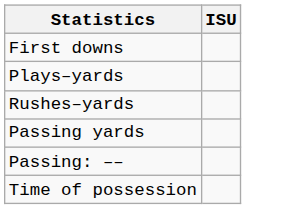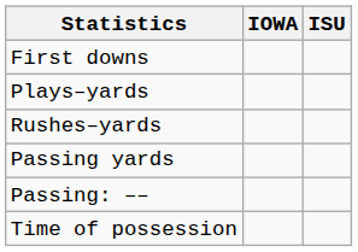 <table class="wikitable" style="float:left">
 <tr>
 <th>Statistics</th>
+<th>IOWA</th>
 <th>ISU</th>
 </tr>
 <tr>
 <td>First downs</td>
 <td></td>
+<td></td>
 </tr>
 <tr>
 <td>Plays–yards</td>
+<td></td>
 <td></td>
 </tr>
 <tr>
 <td>Rushes–yards</td>
 <td></td>
+<td></td>
 </tr>
 <tr>
 <td>Passing yards</td>
+<td></td>
 <td></td>
 </tr>
 <tr>
 <td>Passing: ––</td>
 <td></td>
+<td></td>
 </tr>
 <tr>
 <td>Time of possession</td>
 <td></td>
+<td></td>
 </tr>
 </table>
